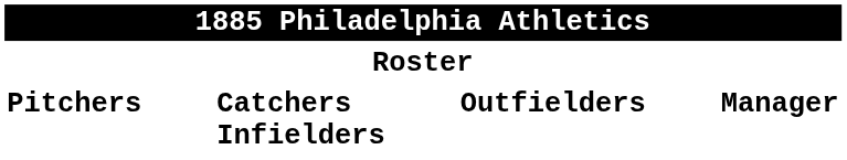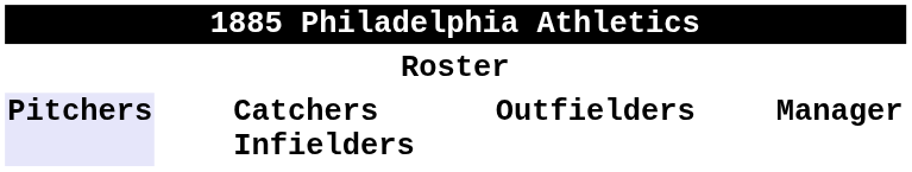 <table class="toccolours" style="font-size: 95%;">
 <tr>
 <th colspan="10" style="background-color: black; color: white; text-align: center;">1885 Philadelphia Athletics</th>
 </tr>
 <tr>
 <td colspan="10" style="background-color: white; color: black; text-align: center;"><strong>Roster</strong></td>
 </tr>
 <tr>
-<td valign="top"><strong>Pitchers</strong><br>        </td>
+<td valign="top" style="background: lavender;"><strong>Pitchers</strong><br>        </td>
 <td width="25px"></td>
 <td valign="top"><strong>Catchers</strong><br>     <strong>Infielders</strong>      </td>
 <td width="25px"></td>
 <td valign="top"><strong>Outfielders</strong><br>     </td>
 <td width="25px"></td>
 <td valign="top"><strong>Manager</strong><br></td>
 </tr>
 </table>
